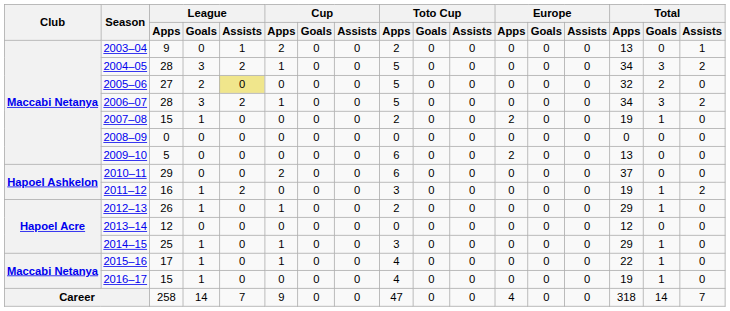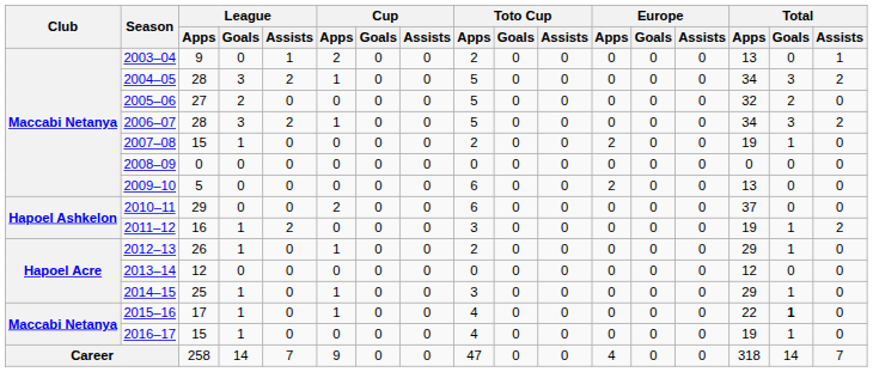 <table class="wikitable" style="font-size:90%; text-align: center;">
 <tr>
 <th rowspan="2">Club</th>
 <th rowspan="2">Season</th>
 <th colspan="3">League</th>
 <th colspan="3">Cup</th>
 <th colspan="3">Toto Cup</th>
 <th colspan="3">Europe</th>
 <th colspan="3">Total</th>
 </tr>
 <tr>
 <th>Apps</th>
 <th>Goals</th>
 <th>Assists</th>
 <th>Apps</th>
 <th>Goals</th>
 <th>Assists</th>
 <th>Apps</th>
 <th>Goals</th>
 <th>Assists</th>
 <th>Apps</th>
 <th>Goals</th>
 <th>Assists</th>
 <th>Apps</th>
 <th>Goals</th>
 <th>Assists</th>
 </tr>
 <tr |-||-||-|>
 <th rowspan="7" valign="center"><a href='#'>Maccabi Netanya</a></th>
 <td><a href='#'>2003–04</a></td>
 <td>9</td>
 <td>0</td>
 <td>1</td>
 <td>2</td>
 <td>0</td>
 <td>0</td>
 <td>2</td>
 <td>0</td>
 <td>0</td>
 <td>0</td>
 <td>0</td>
 <td>0</td>
 <td>13</td>
 <td>0</td>
 <td>1</td>
 </tr>
 <tr>
 <td><a href='#'>2004–05</a></td>
 <td>28</td>
 <td>3</td>
 <td>2</td>
 <td>1</td>
 <td>0</td>
 <td>0</td>
 <td>5</td>
 <td>0</td>
 <td>0</td>
 <td>0</td>
 <td>0</td>
 <td>0</td>
 <td>34</td>
 <td>3</td>
 <td>2</td>
 </tr>
 <tr>
 <td><a href='#'>2005–06</a></td>
 <td>27</td>
 <td>2</td>
-<td style="background: khaki;">0</td>
+<td>0</td>
 <td>0</td>
 <td>0</td>
 <td>0</td>
 <td>5</td>
 <td>0</td>
 <td>0</td>
 <td>0</td>
 <td>0</td>
 <td>0</td>
 <td>32</td>
 <td>2</td>
 <td>0</td>
 </tr>
 <tr>
 <td><a href='#'>2006–07</a></td>
 <td>28</td>
 <td>3</td>
 <td>2</td>
 <td>1</td>
 <td>0</td>
 <td>0</td>
 <td>5</td>
 <td>0</td>
 <td>0</td>
 <td>0</td>
 <td>0</td>
 <td>0</td>
 <td>34</td>
 <td>3</td>
 <td>2</td>
 </tr>
 <tr>
 <td><a href='#'>2007–08</a></td>
 <td>15</td>
 <td>1</td>
 <td>0</td>
 <td>0</td>
 <td>0</td>
 <td>0</td>
 <td>2</td>
 <td>0</td>
 <td>0</td>
 <td>2</td>
 <td>0</td>
 <td>0</td>
 <td>19</td>
 <td>1</td>
 <td>0</td>
 </tr>
 <tr>
 <td><a href='#'>2008–09</a></td>
 <td>0</td>
 <td>0</td>
 <td>0</td>
 <td>0</td>
 <td>0</td>
 <td>0</td>
 <td>0</td>
 <td>0</td>
 <td>0</td>
 <td>0</td>
 <td>0</td>
 <td>0</td>
 <td>0</td>
 <td>0</td>
 <td>0</td>
 </tr>
 <tr>
 <td><a href='#'>2009–10</a></td>
 <td>5</td>
 <td>0</td>
 <td>0</td>
 <td>0</td>
 <td>0</td>
 <td>0</td>
 <td>6</td>
 <td>0</td>
 <td>0</td>
 <td>2</td>
 <td>0</td>
 <td>0</td>
 <td>13</td>
 <td>0</td>
 <td>0</td>
 </tr>
 <tr>
 <th rowspan="2" valign="center"><a href='#'>Hapoel Ashkelon</a></th>
 <td><a href='#'>2010–11</a></td>
 <td>29</td>
 <td>0</td>
 <td>0</td>
 <td>2</td>
 <td>0</td>
 <td>0</td>
 <td>6</td>
 <td>0</td>
 <td>0</td>
 <td>0</td>
 <td>0</td>
 <td>0</td>
 <td>37</td>
 <td>0</td>
 <td>0</td>
 </tr>
 <tr>
 <td><a href='#'>2011–12</a></td>
 <td>16</td>
 <td>1</td>
 <td>2</td>
 <td>0</td>
 <td>0</td>
 <td>0</td>
 <td>3</td>
 <td>0</td>
 <td>0</td>
 <td>0</td>
 <td>0</td>
 <td>0</td>
 <td>19</td>
 <td>1</td>
 <td>2</td>
 </tr>
 <tr>
 <th rowspan="3" valign="center"><a href='#'>Hapoel Acre</a></th>
 <td><a href='#'>2012–13</a></td>
 <td>26</td>
 <td>1</td>
 <td>0</td>
 <td>1</td>
 <td>0</td>
 <td>0</td>
 <td>2</td>
 <td>0</td>
 <td>0</td>
 <td>0</td>
 <td>0</td>
 <td>0</td>
 <td>29</td>
 <td>1</td>
 <td>0</td>
 </tr>
 <tr>
 <td><a href='#'>2013–14</a></td>
 <td>12</td>
 <td>0</td>
 <td>0</td>
 <td>0</td>
 <td>0</td>
 <td>0</td>
 <td>0</td>
 <td>0</td>
 <td>0</td>
 <td>0</td>
 <td>0</td>
 <td>0</td>
 <td>12</td>
 <td>0</td>
 <td>0</td>
 </tr>
 <tr>
 <td><a href='#'>2014–15</a></td>
 <td>25</td>
 <td>1</td>
 <td>0</td>
 <td>1</td>
 <td>0</td>
 <td>0</td>
 <td>3</td>
 <td>0</td>
 <td>0</td>
 <td>0</td>
 <td>0</td>
 <td>0</td>
 <td>29</td>
 <td>1</td>
 <td>0</td>
 </tr>
 <tr>
 <th rowspan="2" valign="center"><a href='#'>Maccabi Netanya</a></th>
 <td><a href='#'>2015–16</a></td>
 <td>17</td>
 <td>1</td>
 <td>0</td>
 <td>1</td>
 <td>0</td>
 <td>0</td>
 <td>4</td>
 <td>0</td>
 <td>0</td>
 <td>0</td>
 <td>0</td>
 <td>0</td>
 <td>22</td>
-<td>1</td>
+<td><strong>1</strong></td>
 <td>0</td>
 </tr>
 <tr>
 <td><a href='#'>2016–17</a></td>
 <td>15</td>
 <td>1</td>
 <td>0</td>
 <td>0</td>
 <td>0</td>
 <td>0</td>
 <td>4</td>
 <td>0</td>
 <td>0</td>
 <td>0</td>
 <td>0</td>
 <td>0</td>
 <td>19</td>
 <td>1</td>
 <td>0</td>
 </tr>
 <tr>
 <th colspan="2" valign="center">Career</th>
 <td>258</td>
 <td>14</td>
 <td>7</td>
 <td>9</td>
 <td>0</td>
 <td>0</td>
 <td>47</td>
 <td>0</td>
 <td>0</td>
 <td>4</td>
 <td>0</td>
 <td>0</td>
 <td>318</td>
 <td>14</td>
 <td>7</td>
 </tr>
 </table>
